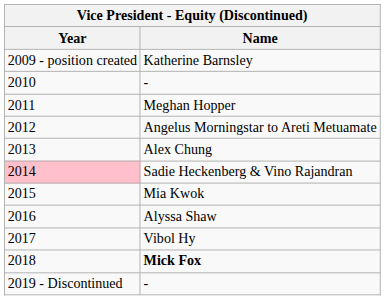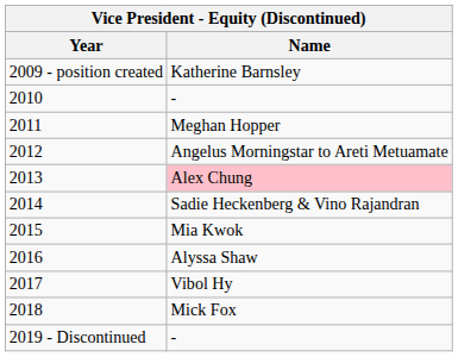 <table class="wikitable mw-collapsible mw-collapsed">
 <tr>
 <th colspan=4>Vice President - Equity (Discontinued)</th>
 </tr>
 <tr>
 <th>Year</th>
 <th>Name</th>
 </tr>
 <tr>
 <td>2009 - position created</td>
 <td>Katherine Barnsley</td>
 </tr>
 <tr>
 <td>2010</td>
 <td>-</td>
 </tr>
 <tr>
 <td>2011</td>
 <td>Meghan Hopper</td>
 </tr>
 <tr>
 <td>2012</td>
 <td>Angelus Morningstar to Areti Metuamate</td>
 </tr>
 <tr>
 <td>2013</td>
-<td>Alex Chung</td>
+<td style="background: pink;">Alex Chung</td>
 </tr>
 <tr>
-<td style="background: pink;">2014</td>
+<td>2014</td>
 <td>Sadie Heckenberg & Vino Rajandran</td>
 </tr>
 <tr>
 <td>2015</td>
 <td>Mia Kwok</td>
 </tr>
 <tr>
 <td>2016</td>
 <td>Alyssa Shaw</td>
 </tr>
 <tr>
 <td>2017</td>
 <td>Vibol Hy</td>
 </tr>
 <tr>
 <td>2018</td>
-<td><strong>Mick Fox</strong></td>
+<td>Mick Fox</td>
 </tr>
 <tr>
 <td>2019 - Discontinued</td>
 <td>-</td>
 </tr>
 </table>
